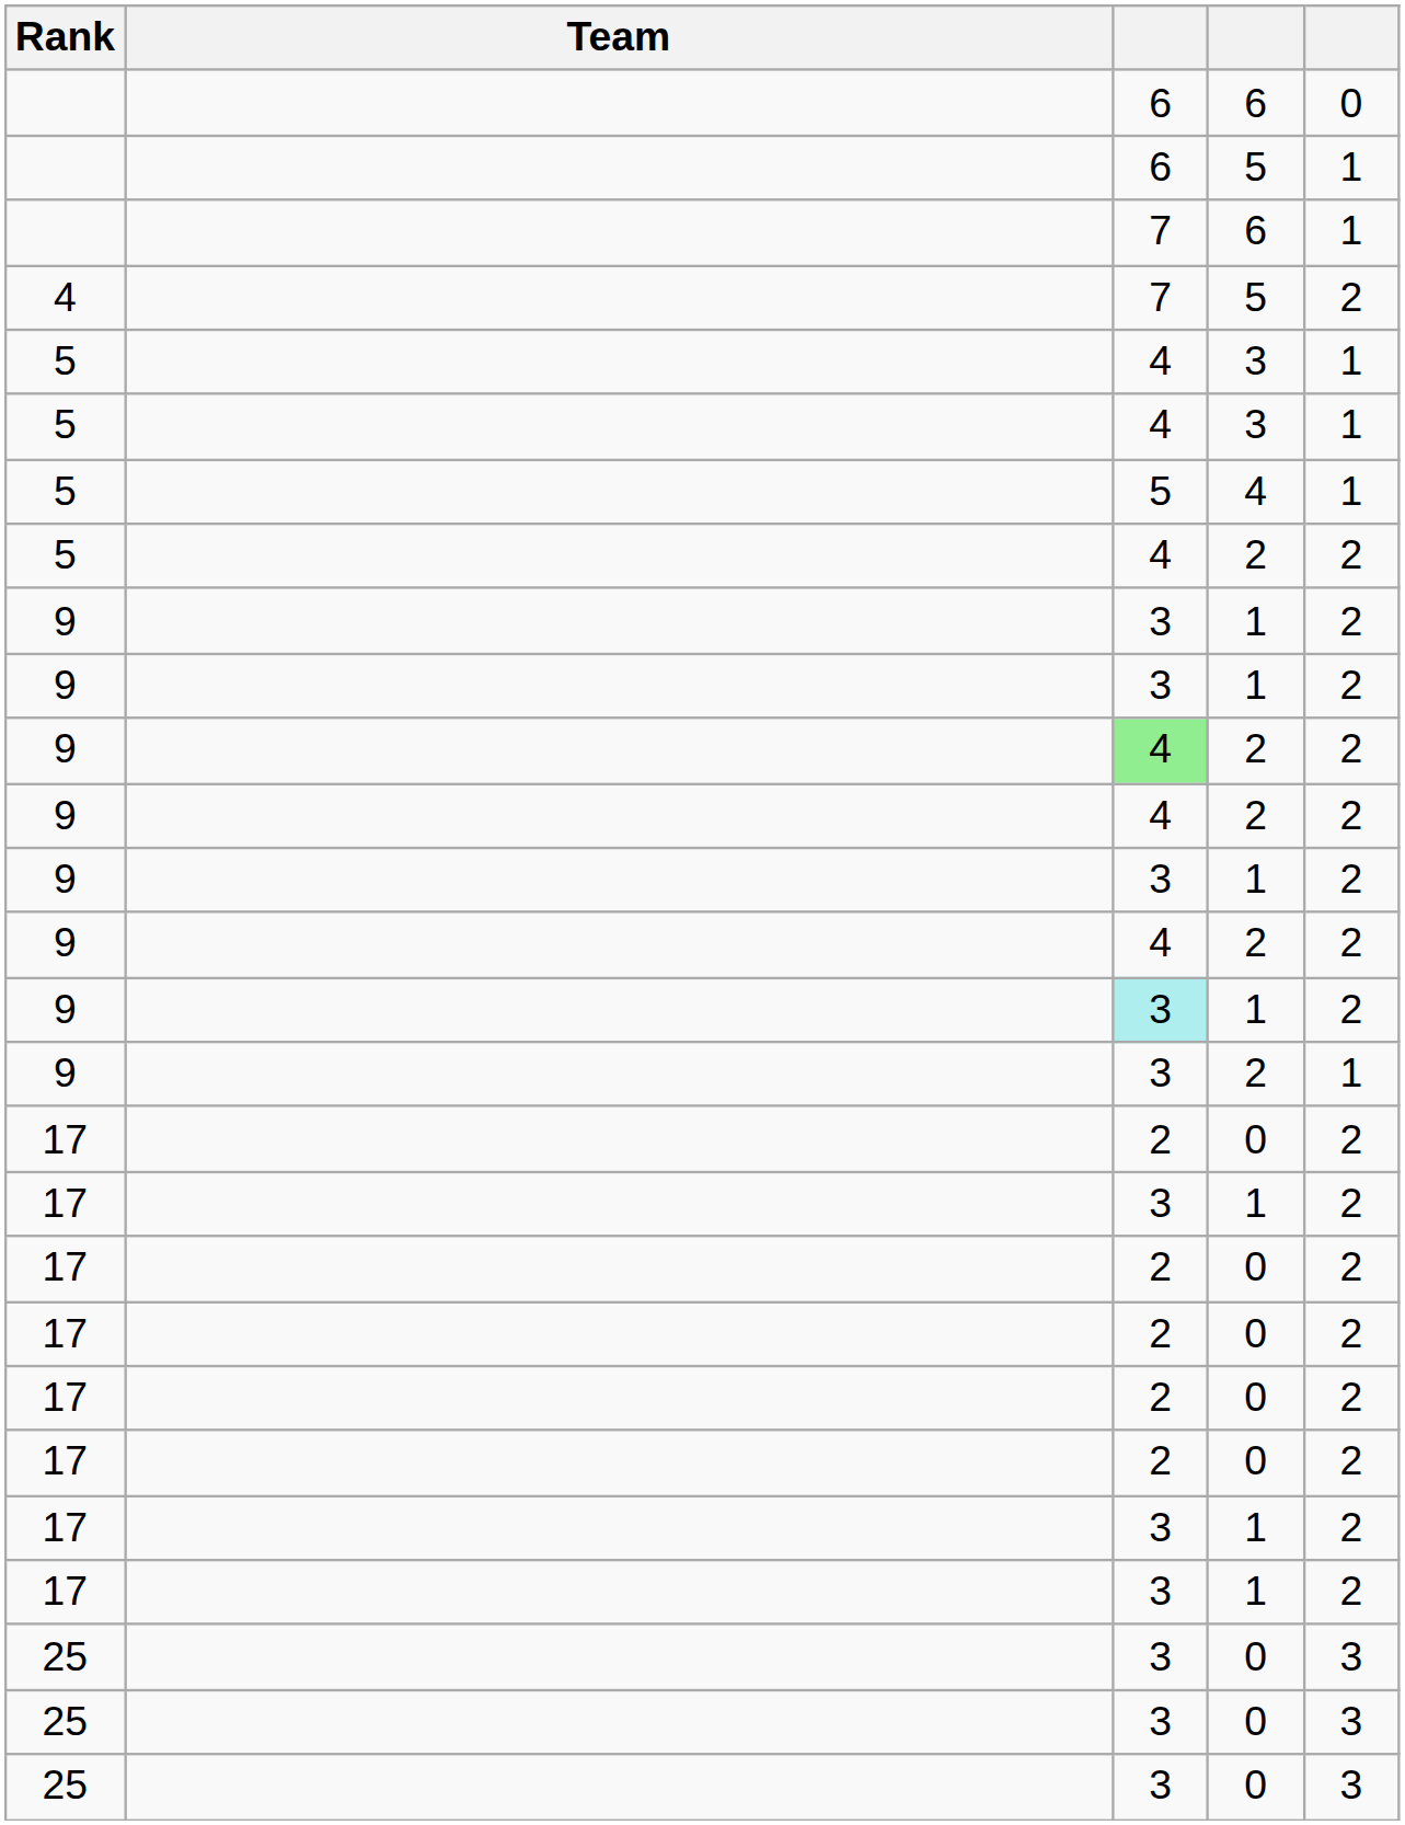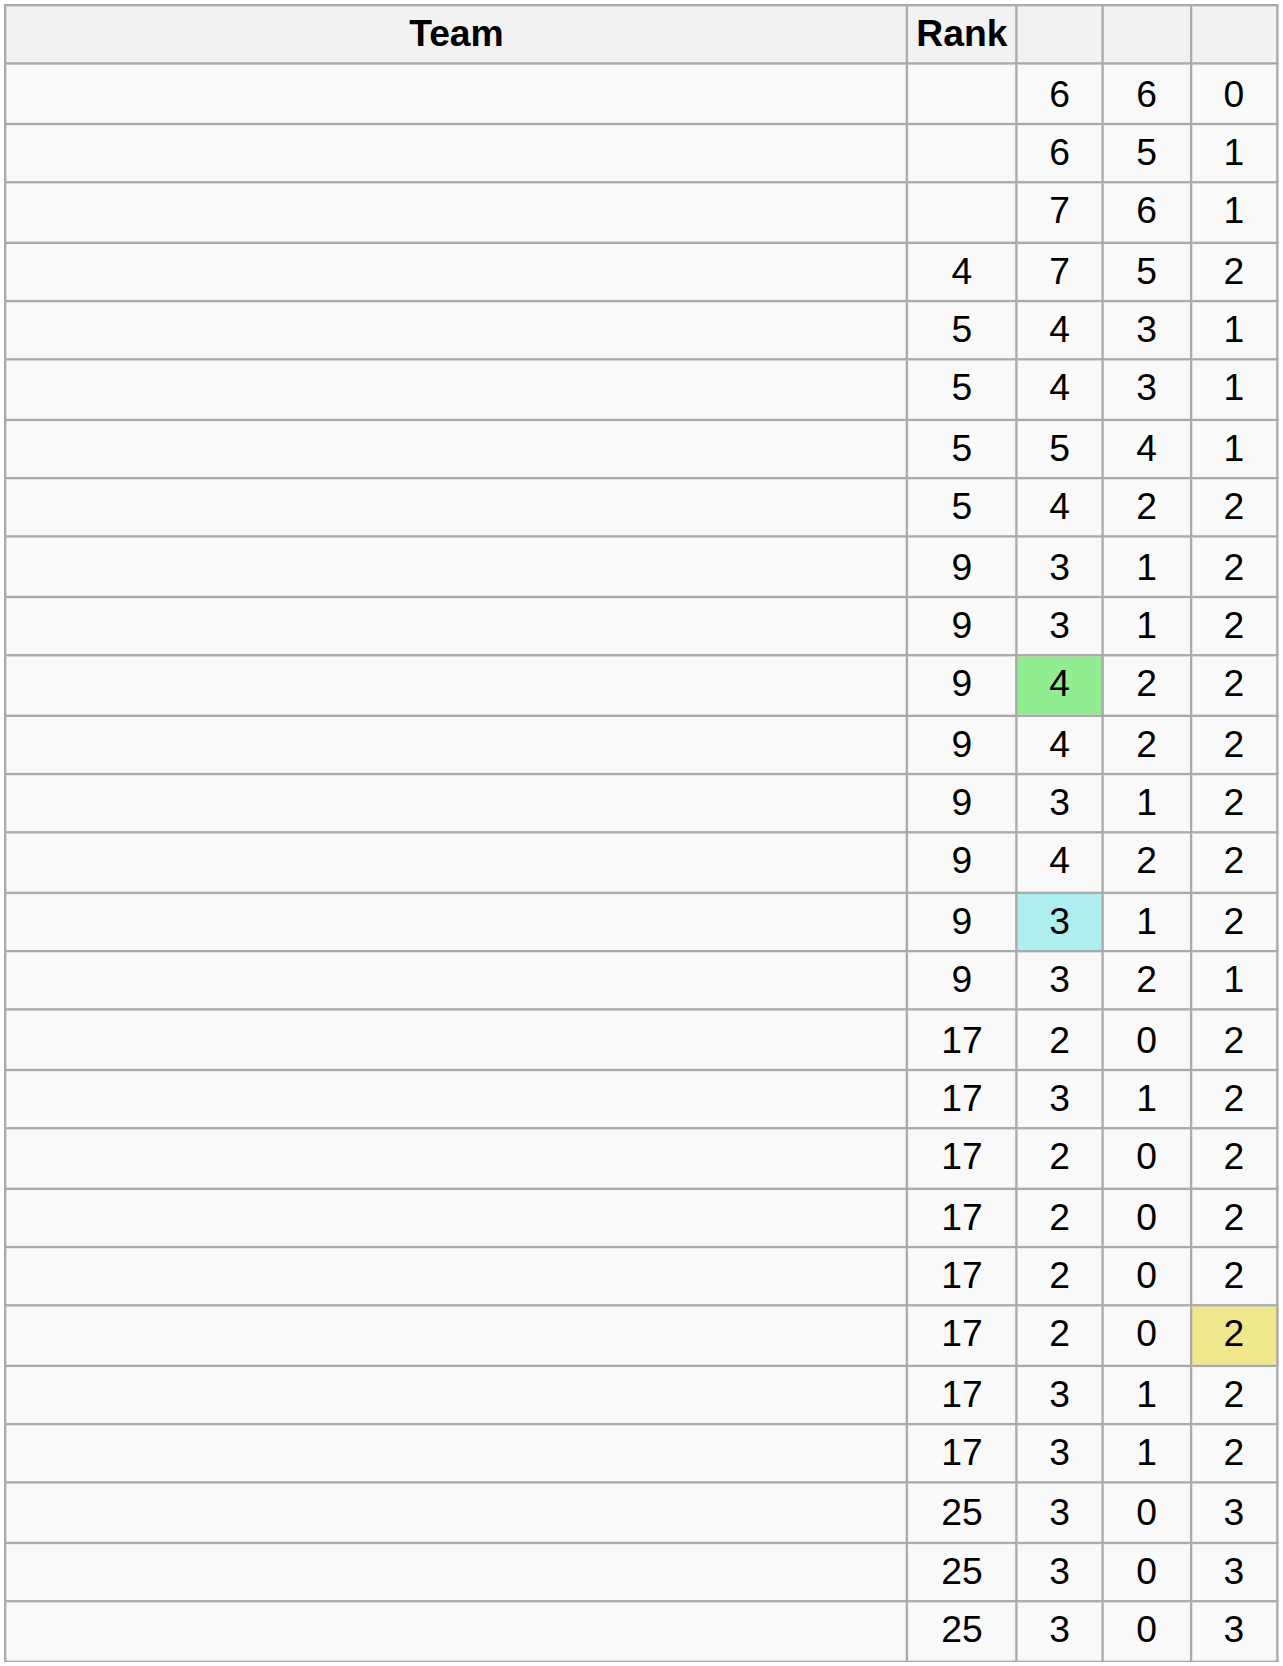 <table class="wikitable" style="text-align: center;">
 <tr>
+<th width=380>Team</th>
 <th width=35>Rank</th>
-<th width=380>Team</th>
 <th width=30></th>
 <th width=30></th>
 <th width=30></th>
 </tr>
 <tr>
+<td align=left></td>
 <td></td>
-<td align=left></td>
 <td>6</td>
 <td>6</td>
 <td>0</td>
 </tr>
 <tr>
+<td align=left></td>
 <td></td>
-<td align=left></td>
 <td>6</td>
 <td>5</td>
 <td>1</td>
 </tr>
 <tr>
+<td align=left></td>
 <td></td>
-<td align=left></td>
 <td>7</td>
 <td>6</td>
 <td>1</td>
 </tr>
 <tr>
+<td align=left></td>
 <td>4</td>
-<td align=left></td>
 <td>7</td>
 <td>5</td>
 <td>2</td>
 </tr>
 <tr>
+<td align=left></td>
 <td>5</td>
-<td align=left></td>
 <td>4</td>
 <td>3</td>
 <td>1</td>
 </tr>
 <tr>
+<td align=left></td>
 <td>5</td>
-<td align=left></td>
 <td>4</td>
 <td>3</td>
 <td>1</td>
 </tr>
 <tr>
+<td align=left></td>
 <td>5</td>
-<td align=left></td>
 <td>5</td>
 <td>4</td>
 <td>1</td>
 </tr>
 <tr>
+<td align=left></td>
 <td>5</td>
-<td align=left></td>
 <td>4</td>
 <td>2</td>
 <td>2</td>
 </tr>
 <tr>
+<td align=left></td>
 <td>9</td>
-<td align=left></td>
 <td>3</td>
 <td>1</td>
 <td>2</td>
 </tr>
 <tr>
+<td align=left></td>
 <td>9</td>
-<td align=left></td>
 <td>3</td>
 <td>1</td>
 <td>2</td>
 </tr>
 <tr>
+<td align=left></td>
 <td>9</td>
-<td align=left></td>
 <td style="background: lightgreen;">4</td>
 <td>2</td>
 <td>2</td>
 </tr>
 <tr>
+<td align=left></td>
 <td>9</td>
-<td align=left></td>
 <td>4</td>
 <td>2</td>
 <td>2</td>
 </tr>
 <tr>
+<td align=left></td>
 <td>9</td>
-<td align=left></td>
 <td>3</td>
 <td>1</td>
 <td>2</td>
 </tr>
 <tr>
+<td align=left></td>
 <td>9</td>
-<td align=left></td>
 <td>4</td>
 <td>2</td>
 <td>2</td>
 </tr>
 <tr>
+<td align=left></td>
 <td>9</td>
-<td align=left></td>
 <td style="background: paleturquoise;">3</td>
 <td>1</td>
 <td>2</td>
 </tr>
 <tr>
+<td align=left></td>
 <td>9</td>
-<td align=left></td>
 <td>3</td>
 <td>2</td>
 <td>1</td>
 </tr>
 <tr>
+<td align=left></td>
 <td>17</td>
-<td align=left></td>
 <td>2</td>
 <td>0</td>
 <td>2</td>
 </tr>
 <tr>
+<td align=left></td>
 <td>17</td>
-<td align=left></td>
 <td>3</td>
 <td>1</td>
 <td>2</td>
 </tr>
 <tr>
+<td align=left></td>
 <td>17</td>
-<td align=left></td>
 <td>2</td>
 <td>0</td>
 <td>2</td>
 </tr>
 <tr>
+<td align=left></td>
 <td>17</td>
-<td align=left></td>
 <td>2</td>
 <td>0</td>
 <td>2</td>
 </tr>
 <tr>
+<td align=left></td>
 <td>17</td>
-<td align=left></td>
 <td>2</td>
 <td>0</td>
 <td>2</td>
 </tr>
 <tr>
+<td align=left></td>
 <td>17</td>
-<td align=left></td>
 <td>2</td>
 <td>0</td>
-<td>2</td>
+<td style="background: khaki;">2</td>
 </tr>
 <tr>
+<td align=left></td>
 <td>17</td>
-<td align=left></td>
 <td>3</td>
 <td>1</td>
 <td>2</td>
 </tr>
 <tr>
+<td align=left></td>
 <td>17</td>
-<td align=left></td>
 <td>3</td>
 <td>1</td>
 <td>2</td>
 </tr>
 <tr>
+<td align=left></td>
 <td>25</td>
-<td align=left></td>
 <td>3</td>
 <td>0</td>
 <td>3</td>
 </tr>
 <tr>
+<td align=left></td>
 <td>25</td>
-<td align=left></td>
 <td>3</td>
 <td>0</td>
 <td>3</td>
 </tr>
 <tr>
+<td align=left></td>
 <td>25</td>
-<td align=left></td>
 <td>3</td>
 <td>0</td>
 <td>3</td>
 </tr>
 </table>
